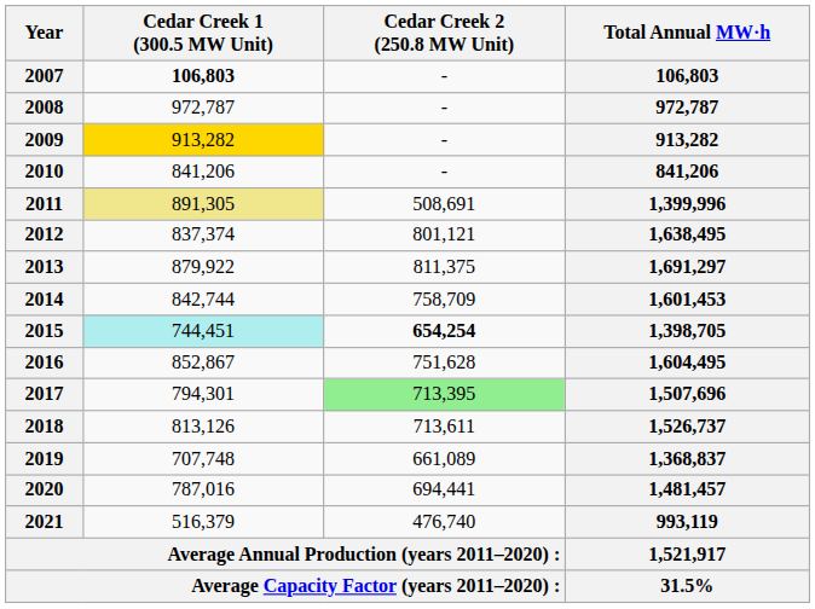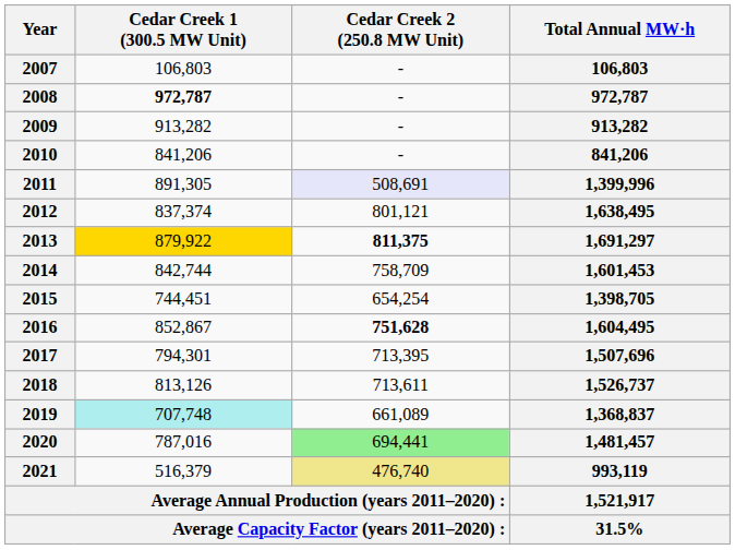 <table class=wikitable style="text-align:center; font-size:0.9em; width:600px;">
 <tr>
 <th>Year</th>
 <th>Cedar Creek 1<br>(300.5 MW Unit) </th>
 <th>Cedar Creek 2<br>(250.8 MW Unit) </th>
 <th>Total Annual <a href='#'>MW·h</a></th>
 </tr>
 <tr>
 <th>2007</th>
-<td><strong>106,803</strong></td>
+<td>106,803</td>
 <td>-</td>
 <th>106,803</th>
 </tr>
 <tr>
 <th>2008</th>
-<td>972,787</td>
+<td><strong>972,787</strong></td>
 <td>-</td>
 <th>972,787</th>
 </tr>
 <tr>
 <th>2009</th>
-<td style="background: gold;">913,282</td>
+<td>913,282</td>
 <td>-</td>
 <th>913,282</th>
 </tr>
 <tr>
 <th>2010</th>
 <td>841,206</td>
 <td>-</td>
 <th>841,206</th>
 </tr>
 <tr>
 <th>2011</th>
-<td style="background: khaki;">891,305</td>
-<td>508,691</td>
+<td>891,305</td>
+<td style="background: lavender;">508,691</td>
 <th>1,399,996</th>
 </tr>
 <tr>
 <th>2012</th>
 <td>837,374</td>
 <td>801,121</td>
 <th>1,638,495</th>
 </tr>
 <tr>
 <th>2013</th>
-<td>879,922</td>
-<td>811,375</td>
+<td style="background: gold;">879,922</td>
+<td><strong>811,375</strong></td>
 <th>1,691,297</th>
 </tr>
 <tr>
 <th>2014</th>
 <td>842,744</td>
 <td>758,709</td>
 <th>1,601,453</th>
 </tr>
 <tr>
 <th>2015</th>
-<td style="background: paleturquoise;">744,451</td>
-<td><strong>654,254</strong></td>
+<td>744,451</td>
+<td>654,254</td>
 <th>1,398,705</th>
 </tr>
 <tr>
 <th>2016</th>
 <td>852,867</td>
-<td>751,628</td>
+<td><strong>751,628</strong></td>
 <th>1,604,495</th>
 </tr>
 <tr>
 <th>2017</th>
 <td>794,301</td>
-<td style="background: lightgreen;">713,395</td>
+<td>713,395</td>
 <th>1,507,696</th>
 </tr>
 <tr>
 <th>2018</th>
 <td>813,126</td>
 <td>713,611</td>
 <th>1,526,737</th>
 </tr>
 <tr>
 <th>2019</th>
-<td>707,748</td>
+<td style="background: paleturquoise;">707,748</td>
 <td>661,089</td>
 <th>1,368,837</th>
 </tr>
 <tr>
 <th>2020</th>
 <td>787,016</td>
-<td>694,441</td>
+<td style="background: lightgreen;">694,441</td>
 <th>1,481,457</th>
 </tr>
 <tr>
 <th>2021</th>
 <td>516,379</td>
-<td>476,740</td>
+<td style="background: khaki;">476,740</td>
 <th>993,119</th>
 </tr>
 <tr>
 <th colspan=3 style="text-align:right">Average Annual Production (years 2011–2020) :</th>
 <th>1,521,917</th>
 </tr>
 <tr>
 <th colspan=3 style="text-align:right">Average <a href='#'>Capacity Factor</a> (years 2011–2020) :</th>
 <th>31.5%</th>
 </tr>
 </table>
